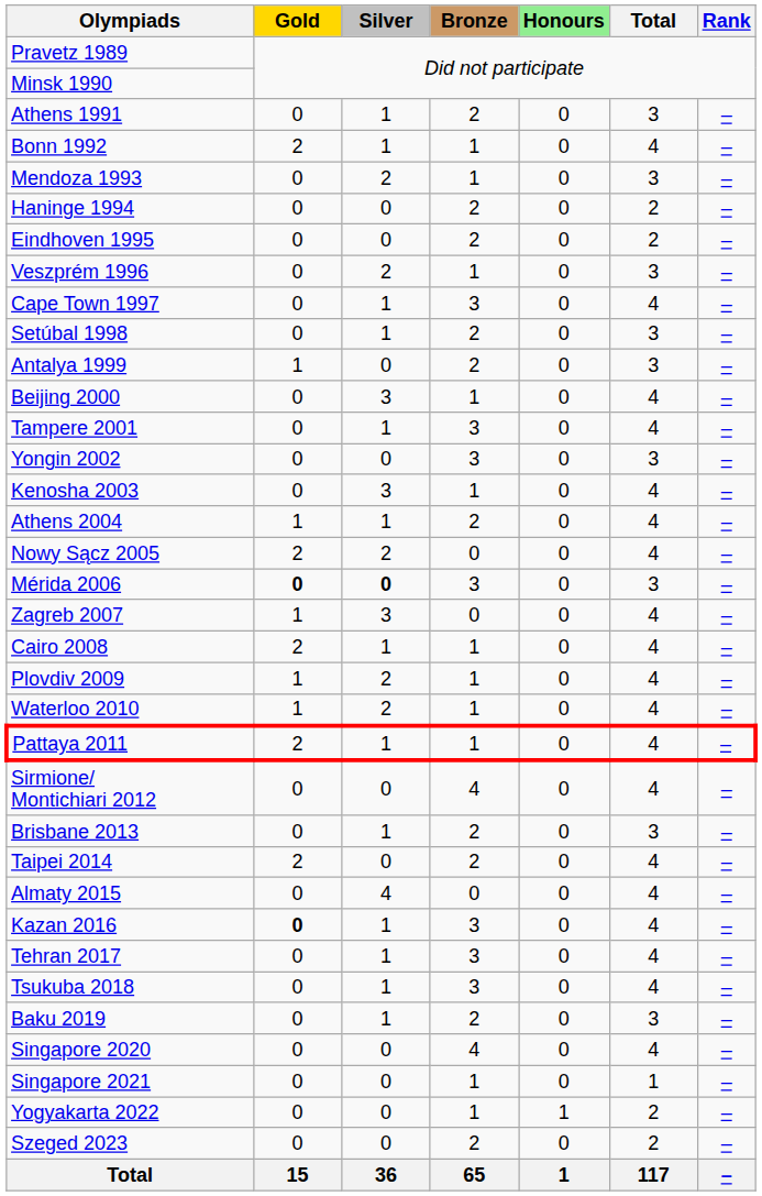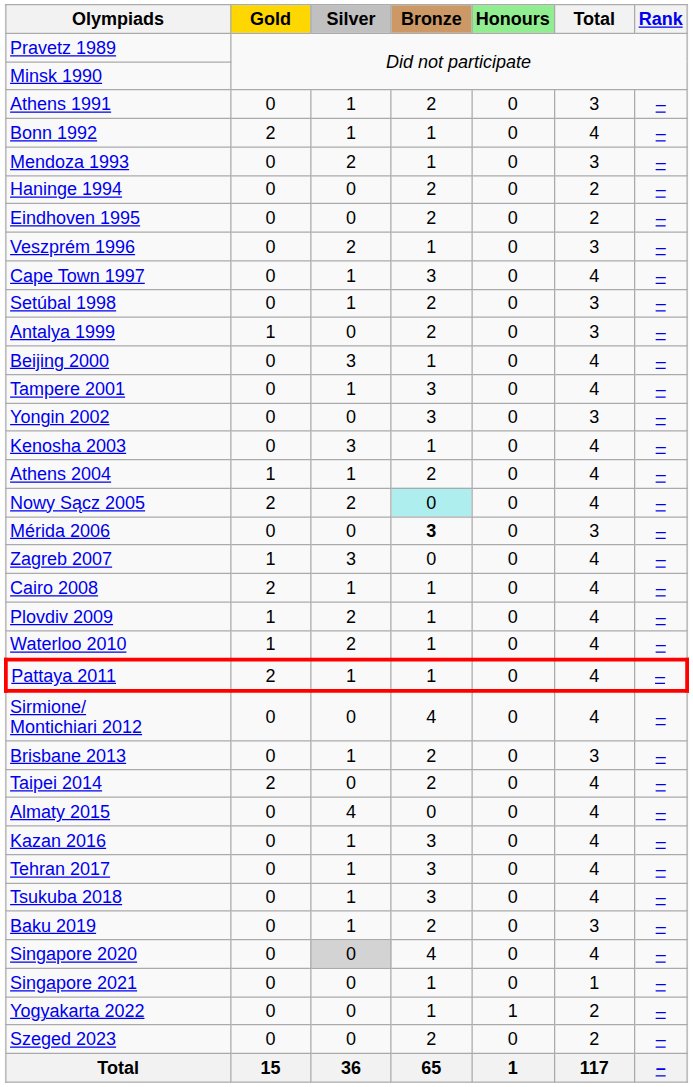 <table class="wikitable" style="text-align:center; font-size:90%;">
 <tr>
 <th style="width:12em;">Olympiads</th>
 <th style="width:4em; background:gold;">Gold</th>
 <th style="width:4em; background:silver;">Silver</th>
 <th style="width:4em; background:#cc9966;">Bronze</th>
 <th style="width:4em; background:#90EE90;">Honours</th>
 <th style="width:4em;">Total</th>
 <th style="width:2em;"><a href='#'>Rank</a></th>
 </tr>
 <tr>
 <td align=left> <a href='#'>Pravetz 1989</a></td>
 <td align=center colspan=6 rowspan="2"><em>Did not participate</em></td>
 </tr>
 <tr>
 <td align=left> <a href='#'>Minsk 1990</a></td>
 </tr>
 <tr>
 <td align=left> <a href='#'>Athens 1991</a></td>
 <td>0</td>
 <td>1</td>
 <td>2</td>
 <td>0</td>
 <td>3</td>
 <td><a href='#'>–</a></td>
 </tr>
 <tr>
 <td align=left> <a href='#'>Bonn 1992</a></td>
 <td>2</td>
 <td>1</td>
 <td>1</td>
 <td>0</td>
 <td>4</td>
 <td><a href='#'>–</a></td>
 </tr>
 <tr>
 <td align=left> <a href='#'>Mendoza 1993</a></td>
 <td>0</td>
 <td>2</td>
 <td>1</td>
 <td>0</td>
 <td>3</td>
 <td><a href='#'>–</a></td>
 </tr>
 <tr>
 <td align=left> <a href='#'>Haninge 1994</a></td>
 <td>0</td>
 <td>0</td>
 <td>2</td>
 <td>0</td>
 <td>2</td>
 <td><a href='#'>–</a></td>
 </tr>
 <tr>
 <td align=left> <a href='#'>Eindhoven 1995</a></td>
 <td>0</td>
 <td>0</td>
 <td>2</td>
 <td>0</td>
 <td>2</td>
 <td><a href='#'>–</a></td>
 </tr>
 <tr>
 <td align=left> <a href='#'>Veszprém 1996</a></td>
 <td>0</td>
 <td>2</td>
 <td>1</td>
 <td>0</td>
 <td>3</td>
 <td><a href='#'>–</a></td>
 </tr>
 <tr>
 <td align=left> <a href='#'>Cape Town 1997</a></td>
 <td>0</td>
 <td>1</td>
 <td>3</td>
 <td>0</td>
 <td>4</td>
 <td><a href='#'>–</a></td>
 </tr>
 <tr>
 <td align=left> <a href='#'>Setúbal 1998</a></td>
 <td>0</td>
 <td>1</td>
 <td>2</td>
 <td>0</td>
 <td>3</td>
 <td><a href='#'>–</a></td>
 </tr>
 <tr>
 <td align=left> <a href='#'>Antalya 1999</a></td>
 <td>1</td>
 <td>0</td>
 <td>2</td>
 <td>0</td>
 <td>3</td>
 <td><a href='#'>–</a></td>
 </tr>
 <tr>
 <td align=left> <a href='#'>Beijing 2000</a></td>
 <td>0</td>
 <td>3</td>
 <td>1</td>
 <td>0</td>
 <td>4</td>
 <td><a href='#'>–</a></td>
 </tr>
 <tr>
 <td align=left> <a href='#'>Tampere 2001</a></td>
 <td>0</td>
 <td>1</td>
 <td>3</td>
 <td>0</td>
 <td>4</td>
 <td><a href='#'>–</a></td>
 </tr>
 <tr>
 <td align=left> <a href='#'>Yongin 2002</a></td>
 <td>0</td>
 <td>0</td>
 <td>3</td>
 <td>0</td>
 <td>3</td>
 <td><a href='#'>–</a></td>
 </tr>
 <tr>
 <td align=left> <a href='#'>Kenosha 2003</a></td>
 <td>0</td>
 <td>3</td>
 <td>1</td>
 <td>0</td>
 <td>4</td>
 <td><a href='#'>–</a></td>
 </tr>
 <tr>
 <td align=left> <a href='#'>Athens 2004</a></td>
 <td>1</td>
 <td>1</td>
 <td>2</td>
 <td>0</td>
 <td>4</td>
 <td><a href='#'>–</a></td>
 </tr>
 <tr>
 <td align=left> <a href='#'>Nowy Sącz 2005</a></td>
 <td>2</td>
 <td>2</td>
-<td>0</td>
+<td style="background: paleturquoise;">0</td>
 <td>0</td>
 <td>4</td>
 <td><a href='#'>–</a></td>
 </tr>
 <tr>
 <td align=left> <a href='#'>Mérida 2006</a></td>
-<td><strong>0</strong></td>
-<td><strong>0</strong></td>
-<td>3</td>
+<td>0</td>
+<td>0</td>
+<td><strong>3</strong></td>
 <td>0</td>
 <td>3</td>
 <td><a href='#'>–</a></td>
 </tr>
 <tr>
 <td align=left> <a href='#'>Zagreb 2007</a></td>
 <td>1</td>
 <td>3</td>
 <td>0</td>
 <td>0</td>
 <td>4</td>
 <td><a href='#'>–</a></td>
 </tr>
 <tr>
 <td align=left> <a href='#'>Cairo 2008</a></td>
 <td>2</td>
 <td>1</td>
 <td>1</td>
 <td>0</td>
 <td>4</td>
 <td><a href='#'>–</a></td>
 </tr>
 <tr>
 <td align=left> <a href='#'>Plovdiv 2009</a></td>
 <td>1</td>
 <td>2</td>
 <td>1</td>
 <td>0</td>
 <td>4</td>
 <td><a href='#'>–</a></td>
 </tr>
 <tr>
 <td align=left> <a href='#'>Waterloo 2010</a></td>
 <td>1</td>
 <td>2</td>
 <td>1</td>
 <td>0</td>
 <td>4</td>
 <td><a href='#'>–</a></td>
 </tr>
 <tr style="border: 3px solid red">
 <td align=left> <a href='#'>Pattaya 2011</a></td>
 <td>2</td>
 <td>1</td>
 <td>1</td>
 <td>0</td>
 <td>4</td>
 <td><a href='#'>–</a></td>
 </tr>
 <tr>
 <td align=left> <a href='#'>Sirmione/<br>Montichiari 2012</a></td>
 <td>0</td>
 <td>0</td>
 <td>4</td>
 <td>0</td>
 <td>4</td>
 <td><a href='#'>–</a></td>
 </tr>
 <tr>
 <td align=left> <a href='#'>Brisbane 2013</a></td>
 <td>0</td>
 <td>1</td>
 <td>2</td>
 <td>0</td>
 <td>3</td>
 <td><a href='#'>–</a></td>
 </tr>
 <tr>
 <td align=left> <a href='#'>Taipei 2014</a></td>
 <td>2</td>
 <td>0</td>
 <td>2</td>
 <td>0</td>
 <td>4</td>
 <td><a href='#'>–</a></td>
 </tr>
 <tr>
 <td align=left> <a href='#'>Almaty 2015</a></td>
 <td>0</td>
 <td>4</td>
 <td>0</td>
 <td>0</td>
 <td>4</td>
 <td><a href='#'>–</a></td>
 </tr>
 <tr>
 <td align=left> <a href='#'>Kazan 2016</a></td>
-<td><strong>0</strong></td>
+<td>0</td>
 <td>1</td>
 <td>3</td>
 <td>0</td>
 <td>4</td>
 <td><a href='#'>–</a></td>
 </tr>
 <tr>
 <td align=left> <a href='#'>Tehran 2017</a></td>
 <td>0</td>
 <td>1</td>
 <td>3</td>
 <td>0</td>
 <td>4</td>
 <td><a href='#'>–</a></td>
 </tr>
 <tr>
 <td align=left> <a href='#'>Tsukuba 2018</a></td>
 <td>0</td>
 <td>1</td>
 <td>3</td>
 <td>0</td>
 <td>4</td>
 <td><a href='#'>–</a></td>
 </tr>
 <tr>
 <td align=left> <a href='#'>Baku 2019</a></td>
 <td>0</td>
 <td>1</td>
 <td>2</td>
 <td>0</td>
 <td>3</td>
 <td><a href='#'>–</a></td>
 </tr>
 <tr>
 <td align=left> <a href='#'>Singapore 2020</a></td>
 <td>0</td>
-<td>0</td>
+<td style="background: lightgrey;">0</td>
 <td>4</td>
 <td>0</td>
 <td>4</td>
 <td><a href='#'>–</a></td>
 </tr>
 <tr>
 <td align=left> <a href='#'>Singapore 2021</a></td>
 <td>0</td>
 <td>0</td>
 <td>1</td>
 <td>0</td>
 <td>1</td>
 <td><a href='#'>–</a></td>
 </tr>
 <tr>
 <td align=left> <a href='#'>Yogyakarta 2022</a></td>
 <td>0</td>
 <td>0</td>
 <td>1</td>
 <td>1</td>
 <td>2</td>
 <td><a href='#'>–</a></td>
 </tr>
 <tr>
 <td align=left> <a href='#'>Szeged 2023</a></td>
 <td>0</td>
 <td>0</td>
 <td>2</td>
 <td>0</td>
 <td>2</td>
 <td><a href='#'>–</a></td>
 </tr>
 <tr>
 <th colspan=1>Total</th>
 <th>15</th>
 <th>36</th>
 <th>65</th>
 <th>1</th>
 <th>117</th>
 <th><a href='#'>–</a></th>
 </tr>
 </table>
